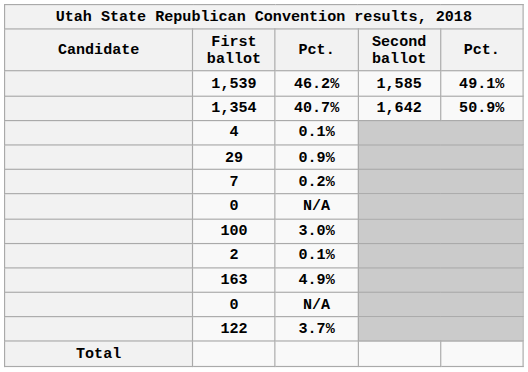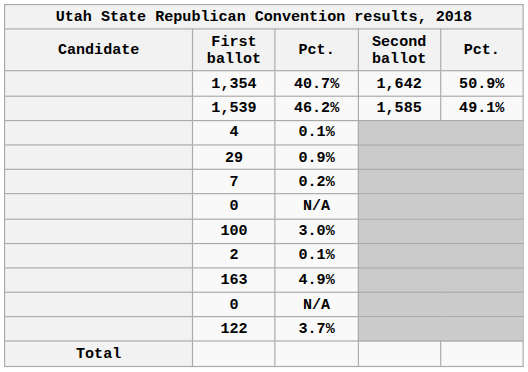 <table class="wikitable sortable plainrowheaders">
 <tr>
 <th colspan="5" >Utah State Republican Convention results, 2018</th>
 </tr>
 <tr style="background:#eee; text-align:center;">
 <th scope="col" style="width: 12em">Candidate</th>
 <th scope="col"  style="width: 5em">First ballot</th>
 <th scope="col"  style="width: 5em">Pct.</th>
 <th scope="col"  style="width: 5em">Second ballot</th>
 <th scope="col"  style="width: 5em">Pct.</th>
 </tr>
 <tr>
 <th scope="row"><strong></strong></th>
+<td style="text-align:center;"><strong>1,354</strong></td>
+<td style="text-align:center;"><strong>40.7%</strong></td>
+<td style="text-align:center;"><strong>1,642</strong></td>
+<td style="text-align:center;"><strong>50.9%</strong></td>
+</tr>
+<tr>
+<th scope="row"><strong></strong></th>
 <td style="text-align:center;"><strong>1,539</strong></td>
 <td style="text-align:center;"><strong>46.2%</strong></td>
 <td style="text-align:center;"><strong>1,585</strong></td>
 <td style="text-align:center;"><strong>49.1%</strong></td>
-</tr>
-<tr>
-<th scope="row"><strong></strong></th>
-<td style="text-align:center;"><strong>1,354</strong></td>
-<td style="text-align:center;"><strong>40.7%</strong></td>
-<td style="text-align:center;"><strong>1,642</strong></td>
-<td style="text-align:center;"><strong>50.9%</strong></td>
 </tr>
 <tr>
 <th scope="row"></th>
 <td style="text-align:center;"><strong>4</strong></td>
 <td style="text-align:center;"><strong>0.1%</strong></td>
 <td colspan=2 style="text-align:center; background:#cbcbcb"><em></em></td>
 </tr>
 <tr>
 <th scope="row"></th>
 <td style="text-align:center;"><strong>29</strong></td>
 <td style="text-align:center;"><strong>0.9%</strong></td>
 <td colspan=2 style="text-align:center; background:#cbcbcb"><em></em></td>
 </tr>
 <tr>
 <th scope="row"></th>
 <td style="text-align:center;"><strong>7</strong></td>
 <td style="text-align:center;"><strong>0.2%</strong></td>
 <td colspan=2 style="text-align:center; background:#cbcbcb"><em></em></td>
 </tr>
 <tr>
 <th scope="row"></th>
 <td style="text-align:center;"><strong>0</strong></td>
 <td style="text-align:center;"><strong>N/A</strong></td>
 <td colspan=2 style="text-align:center; background:#cbcbcb"><em></em></td>
 </tr>
 <tr>
 <th scope="row"></th>
 <td style="text-align:center;"><strong>100</strong></td>
 <td style="text-align:center;"><strong>3.0%</strong></td>
 <td colspan=2 style="text-align:center; background:#cbcbcb"><em></em></td>
 </tr>
 <tr>
 <th scope="row"></th>
 <td style="text-align:center;"><strong>2</strong></td>
 <td style="text-align:center;"><strong>0.1%</strong></td>
 <td colspan=2 style="text-align:center; background:#cbcbcb"><em></em></td>
 </tr>
 <tr>
 <th scope="row"></th>
 <td style="text-align:center;"><strong>163</strong></td>
 <td style="text-align:center;"><strong>4.9%</strong></td>
 <td colspan=2 style="text-align:center; background:#cbcbcb"><em></em></td>
 </tr>
 <tr>
 <th scope="row"></th>
 <td style="text-align:center;"><strong>0</strong></td>
 <td style="text-align:center;"><strong>N/A</strong></td>
 <td colspan=2 style="text-align:center; background:#cbcbcb"><em></em></td>
 </tr>
 <tr>
 <th scope="row"></th>
 <td style="text-align:center;"><strong>122</strong></td>
 <td style="text-align:center;"><strong>3.7%</strong></td>
 <td colspan=2 style="text-align:center; background:#cbcbcb"><em></em></td>
 </tr>
 <tr>
 <th scope="row"><strong>Total</strong></th>
 <td style="text-align:center;"></td>
 <td style="text-align:center;"></td>
 <td style="text-align:center;"></td>
 <td style="text-align:center;"></td>
 </tr>
 </table>
